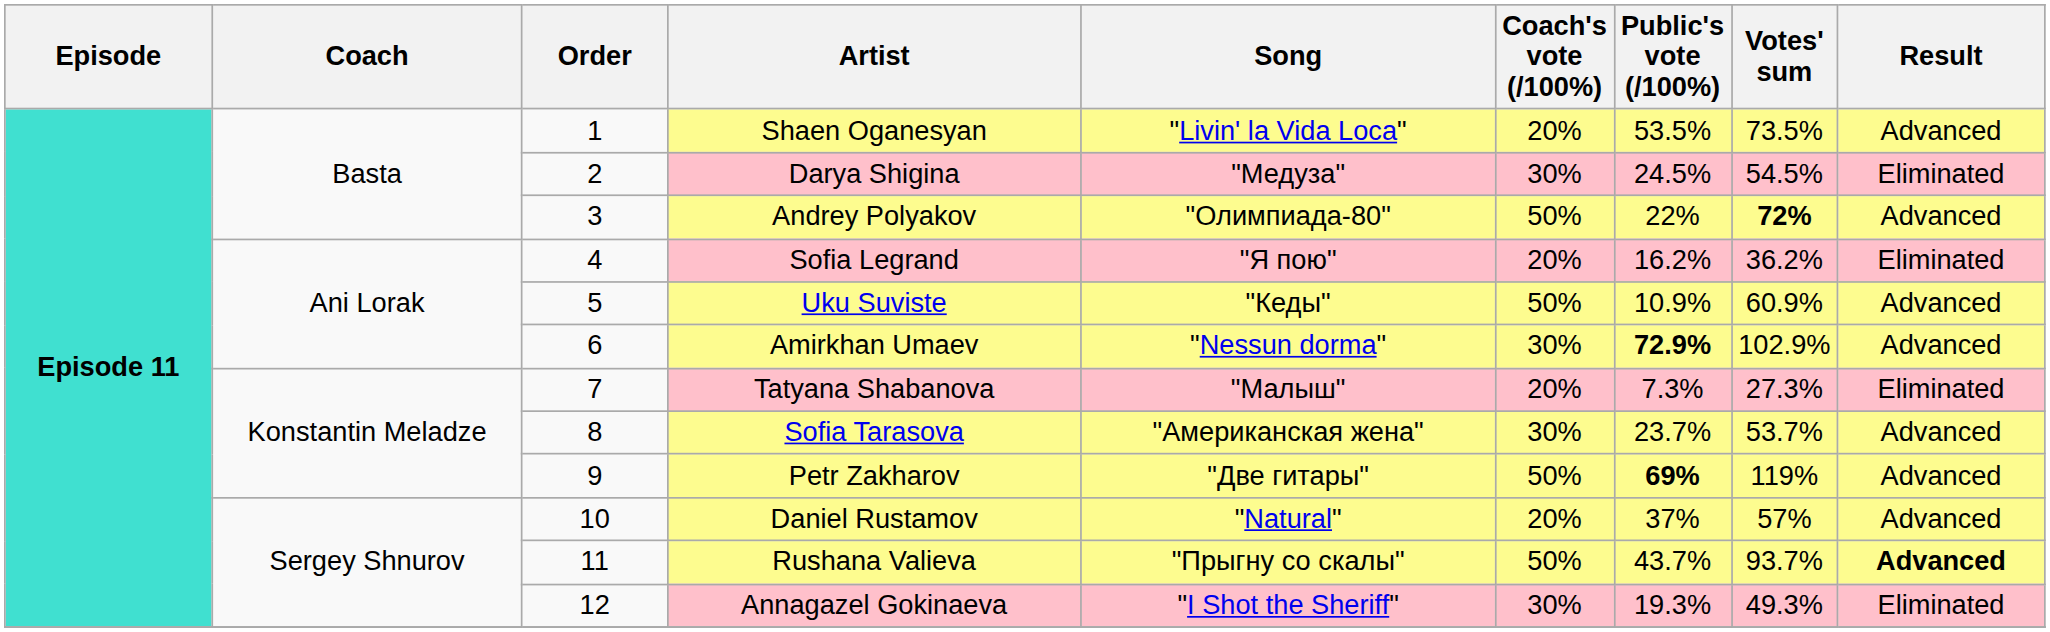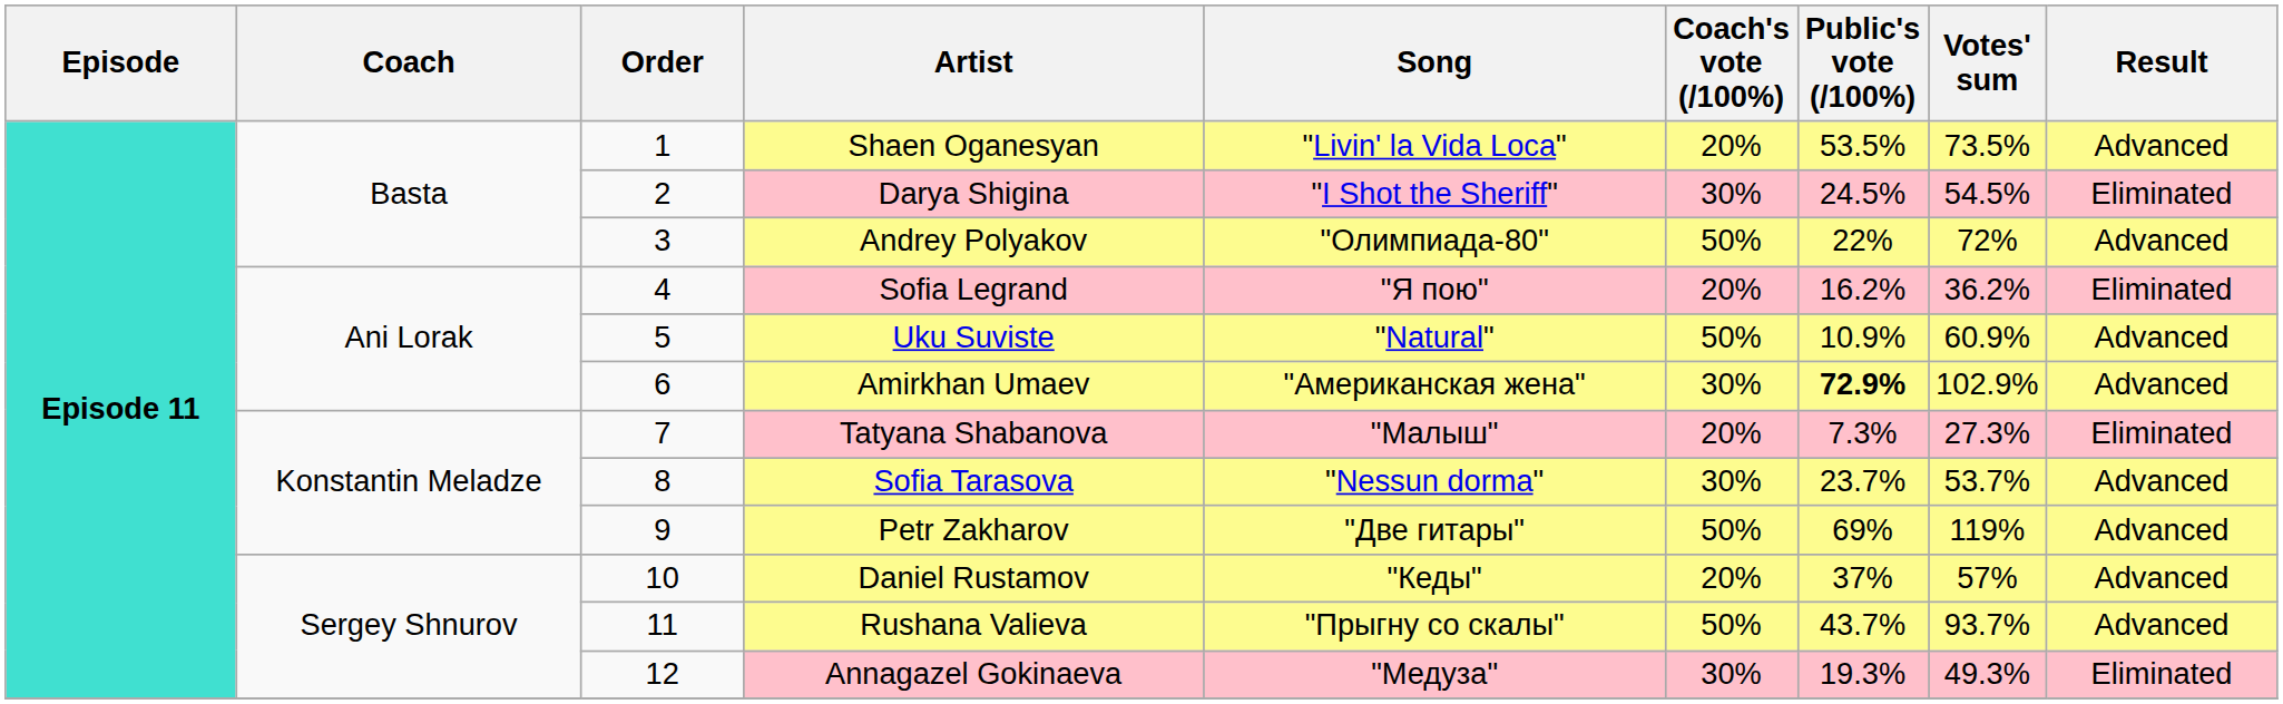 <table class="wikitable" style="text-align:center; width:95%;">
 <tr>
 <th style="width:10%;">Episode</th>
 <th style="width:15%;">Coach</th>
 <th style="width:7%;">Order</th>
 <th style="width:20%;">Artist</th>
 <th style="width:20%;">Song</th>
 <th style="width:5%;">Coach's vote (/100%)</th>
 <th style="width:5%;">Public's vote (/100%)</th>
 <th style="width:5%;">Votes' sum</th>
 <th style="width:10%;">Result</th>
 </tr>
 <tr>
 <th rowspan=12 style="background:turquoise;">Episode 11<br><small></small> </th>
 <td rowspan=3>Basta</td>
 <td>1</td>
 <td style="background:#fdfc8f;">Shaen Oganesyan</td>
 <td style="background:#fdfc8f;">"<a href='#'>Livin' la Vida Loca</a>"</td>
 <td style="background:#fdfc8f;">20%</td>
 <td style="background:#fdfc8f;">53.5%</td>
 <td style="background:#fdfc8f;">73.5%</td>
 <td style="background:#fdfc8f;">Advanced</td>
 </tr>
 <tr>
 <td>2</td>
 <td style="background:pink;">Darya Shigina</td>
-<td style="background:pink;">"Медуза"</td>
+<td style="background:pink;">"<a href='#'>I Shot the Sheriff</a>"</td>
 <td style="background:pink;">30%</td>
 <td style="background:pink;">24.5%</td>
 <td style="background:pink;">54.5%</td>
 <td style="background:pink;">Eliminated</td>
 </tr>
 <tr>
 <td>3</td>
 <td style="background:#fdfc8f;">Andrey Polyakov</td>
 <td style="background:#fdfc8f;">"Олимпиада-80"</td>
 <td style="background:#fdfc8f;">50%</td>
 <td style="background:#fdfc8f;">22%</td>
-<td style="background:#fdfc8f;"><strong>72%</strong></td>
+<td style="background:#fdfc8f;">72%</td>
 <td style="background:#fdfc8f;">Advanced</td>
 </tr>
 <tr>
 <td rowspan=3>Ani Lorak</td>
 <td>4</td>
 <td style="background:pink;">Sofia Legrand</td>
 <td style="background:pink;">"Я пою"</td>
 <td style="background:pink;">20%</td>
 <td style="background:pink;">16.2%</td>
 <td style="background:pink;">36.2%</td>
 <td style="background:pink;">Eliminated</td>
 </tr>
 <tr>
 <td>5</td>
 <td style="background:#fdfc8f;"><a href='#'>Uku Suviste</a></td>
-<td style="background:#fdfc8f;">"Кеды"</td>
+<td style="background:#fdfc8f;">"<a href='#'>Natural</a>"</td>
 <td style="background:#fdfc8f;">50%</td>
 <td style="background:#fdfc8f;">10.9%</td>
 <td style="background:#fdfc8f;">60.9%</td>
 <td style="background:#fdfc8f;">Advanced</td>
 </tr>
 <tr>
 <td>6</td>
 <td style="background:#fdfc8f;">Amirkhan Umaev</td>
-<td style="background:#fdfc8f;">"<a href='#'>Nessun dorma</a>"</td>
+<td style="background:#fdfc8f;">"Американская жена"</td>
 <td style="background:#fdfc8f;">30%</td>
 <td style="background:#fdfc8f;"><strong>72.9%</strong></td>
 <td style="background:#fdfc8f;">102.9%</td>
 <td style="background:#fdfc8f;">Advanced</td>
 </tr>
 <tr>
 <td rowspan=3>Konstantin Meladze</td>
 <td>7</td>
 <td style="background:pink;">Tatyana Shabanova</td>
 <td style="background:pink;">"Малыш"</td>
 <td style="background:pink;">20%</td>
 <td style="background:pink;">7.3%</td>
 <td style="background:pink;">27.3%</td>
 <td style="background:pink;">Eliminated</td>
 </tr>
 <tr>
 <td>8</td>
 <td style="background:#fdfc8f;"><a href='#'>Sofia Tarasova</a></td>
-<td style="background:#fdfc8f;">"Американская жена"</td>
+<td style="background:#fdfc8f;">"<a href='#'>Nessun dorma</a>"</td>
 <td style="background:#fdfc8f;">30%</td>
 <td style="background:#fdfc8f;">23.7%</td>
 <td style="background:#fdfc8f;">53.7%</td>
 <td style="background:#fdfc8f;">Advanced</td>
 </tr>
 <tr>
 <td>9</td>
 <td style="background:#fdfc8f;">Petr Zakharov</td>
 <td style="background:#fdfc8f;">"Две гитары"</td>
 <td style="background:#fdfc8f;">50%</td>
-<td style="background:#fdfc8f;"><strong>69%</strong></td>
+<td style="background:#fdfc8f;">69%</td>
 <td style="background:#fdfc8f;">119%</td>
 <td style="background:#fdfc8f;">Advanced</td>
 </tr>
 <tr>
 <td rowspan=3>Sergey Shnurov</td>
 <td>10</td>
 <td style="background:#fdfc8f;">Daniel Rustamov</td>
-<td style="background:#fdfc8f;">"<a href='#'>Natural</a>"</td>
+<td style="background:#fdfc8f;">"Кеды"</td>
 <td style="background:#fdfc8f;">20%</td>
 <td style="background:#fdfc8f;">37%</td>
 <td style="background:#fdfc8f;">57%</td>
 <td style="background:#fdfc8f;">Advanced</td>
 </tr>
 <tr>
 <td>11</td>
 <td style="background:#fdfc8f;">Rushana Valieva</td>
 <td style="background:#fdfc8f;">"Прыгну со скалы"</td>
 <td style="background:#fdfc8f;">50%</td>
 <td style="background:#fdfc8f;">43.7%</td>
 <td style="background:#fdfc8f;">93.7%</td>
-<td style="background:#fdfc8f;"><strong>Advanced</strong></td>
+<td style="background:#fdfc8f;">Advanced</td>
 </tr>
 <tr>
 <td>12</td>
 <td style="background:pink;">Annagazel Gokinaeva</td>
-<td style="background:pink;">"<a href='#'>I Shot the Sheriff</a>"</td>
+<td style="background:pink;">"Медуза"</td>
 <td style="background:pink;">30%</td>
 <td style="background:pink;">19.3%</td>
 <td style="background:pink;">49.3%</td>
 <td style="background:pink;">Eliminated</td>
 </tr>
 <tr>
 </tr>
 </table>
